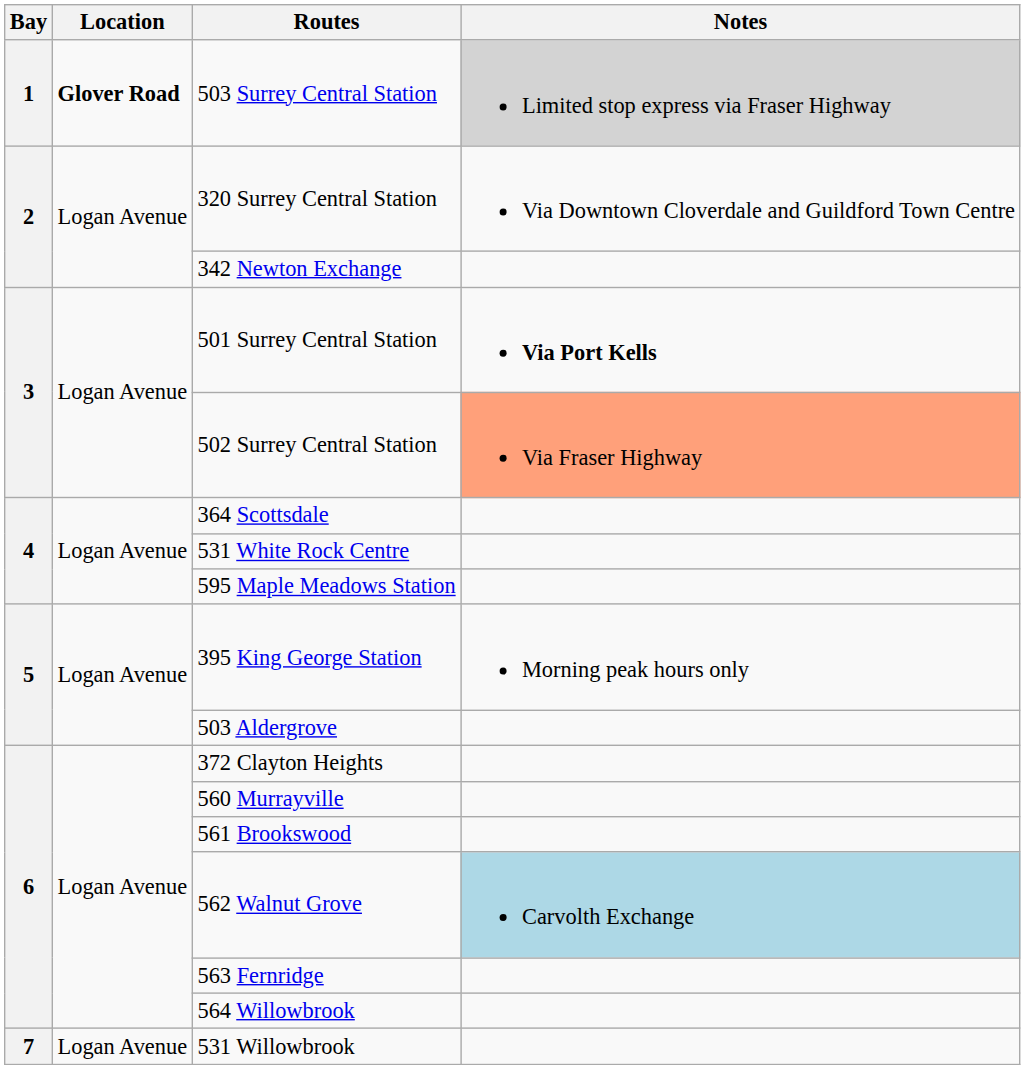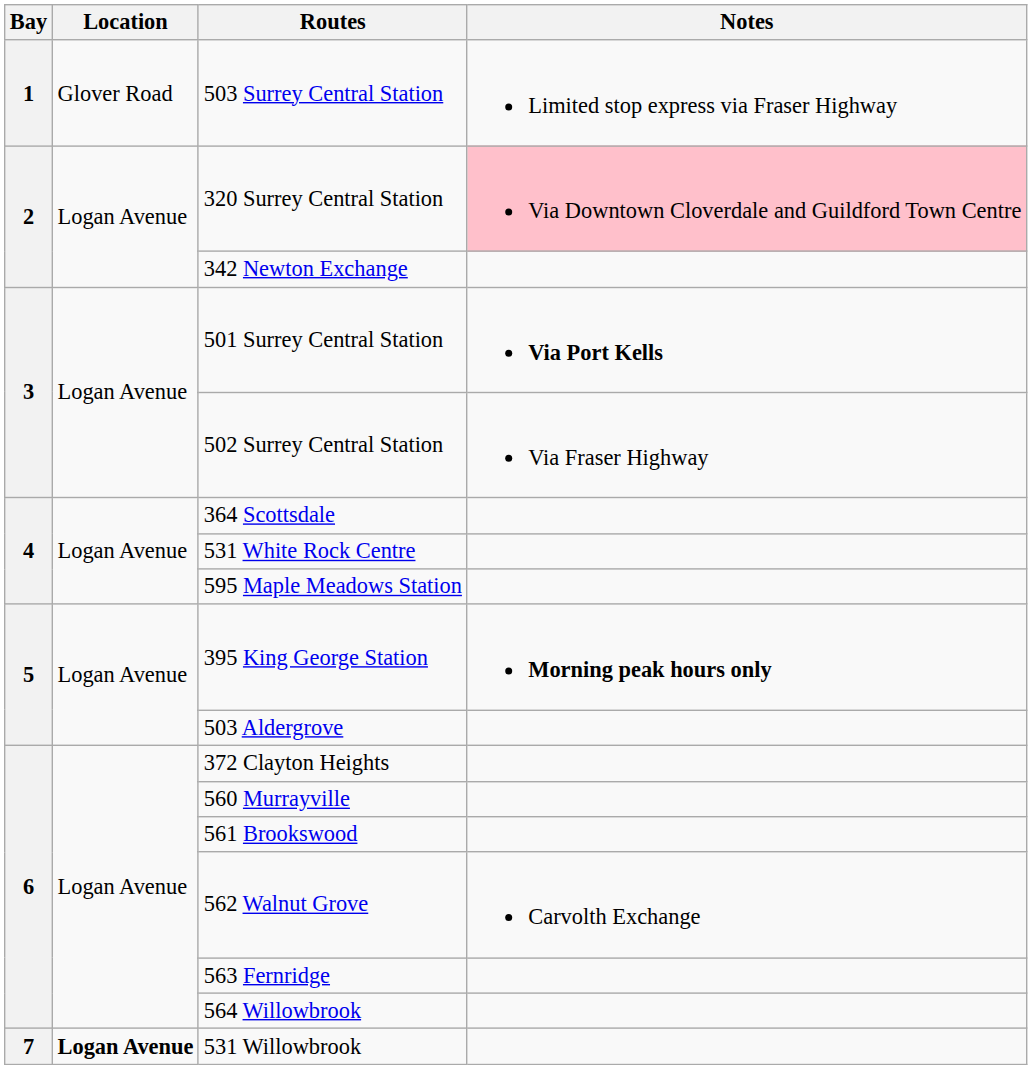 <table class="wikitable">
 <tr>
 <th>Bay</th>
 <th>Location</th>
 <th>Routes</th>
 <th>Notes</th>
 </tr>
 <tr>
 <th>1</th>
-<td><strong>Glover Road<br></strong></td>
+<td>Glover Road<br></td>
 <td>503 <a href='#'>Surrey Central Station</a></td>
-<td style="background: lightgrey;"><br><ul><li>Limited stop express via Fraser Highway</li></ul></td>
+<td><br><ul><li>Limited stop express via Fraser Highway</li></ul></td>
 </tr>
 <tr>
 <th rowspan="2">2</th>
 <td rowspan="2">Logan Avenue<br></td>
 <td>320 Surrey Central Station</td>
-<td><br><ul><li>Via Downtown Cloverdale and Guildford Town Centre</li></ul></td>
+<td style="background: pink;"><br><ul><li>Via Downtown Cloverdale and Guildford Town Centre</li></ul></td>
 </tr>
 <tr>
 <td>342 <a href='#'>Newton Exchange</a></td>
 <td></td>
 </tr>
 <tr>
 <th rowspan="2">3</th>
 <td rowspan="2">Logan Avenue<br></td>
 <td>501 Surrey Central Station</td>
 <td><strong><br><ul><li>Via Port Kells</li></ul></strong></td>
 </tr>
 <tr>
 <td>502 Surrey Central Station</td>
-<td style="background: lightsalmon;"><br><ul><li>Via Fraser Highway</li></ul></td>
+<td><br><ul><li>Via Fraser Highway</li></ul></td>
 </tr>
 <tr>
 <th rowspan="3">4</th>
 <td rowspan="3">Logan Avenue<br></td>
 <td>364 <a href='#'>Scottsdale</a></td>
 <td></td>
 </tr>
 <tr>
 <td>531 <a href='#'>White Rock Centre</a></td>
 <td></td>
 </tr>
 <tr>
 <td>595 <a href='#'>Maple Meadows Station</a></td>
 <td></td>
 </tr>
 <tr>
 <th rowspan="2">5</th>
 <td rowspan="2">Logan Avenue<br></td>
 <td>395 <a href='#'>King George Station</a></td>
-<td><br><ul><li>Morning peak hours only</li></ul></td>
+<td><strong><br><ul><li>Morning peak hours only</li></ul></strong></td>
 </tr>
 <tr>
 <td>503 <a href='#'>Aldergrove</a></td>
 <td></td>
 </tr>
 <tr>
 <th rowspan="6">6</th>
 <td rowspan="6">Logan Avenue<br></td>
 <td>372 Clayton Heights</td>
 <td></td>
 </tr>
 <tr>
 <td>560 <a href='#'>Murrayville</a></td>
 <td></td>
 </tr>
 <tr>
 <td>561 <a href='#'>Brookswood</a></td>
 <td></td>
 </tr>
 <tr>
 <td>562 <a href='#'>Walnut Grove</a></td>
-<td style="background: lightblue;"><br><ul><li>Carvolth Exchange</li></ul></td>
+<td><br><ul><li>Carvolth Exchange</li></ul></td>
 </tr>
 <tr>
 <td>563 <a href='#'>Fernridge</a></td>
 <td></td>
 </tr>
 <tr>
 <td>564 <a href='#'>Willowbrook</a></td>
 <td></td>
 </tr>
 <tr>
 <th>7</th>
-<td>Logan Avenue<br></td>
+<td><strong>Logan Avenue<br></strong></td>
 <td>531 Willowbrook</td>
 <td></td>
 </tr>
 </table>
